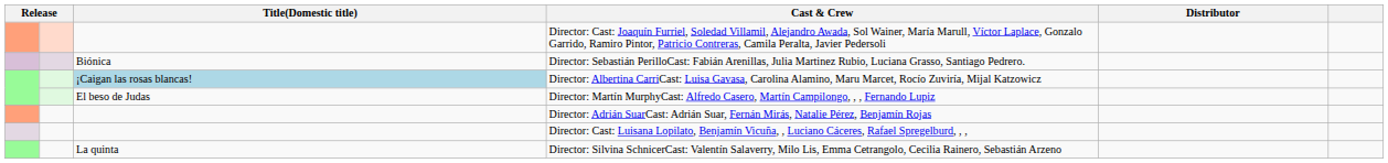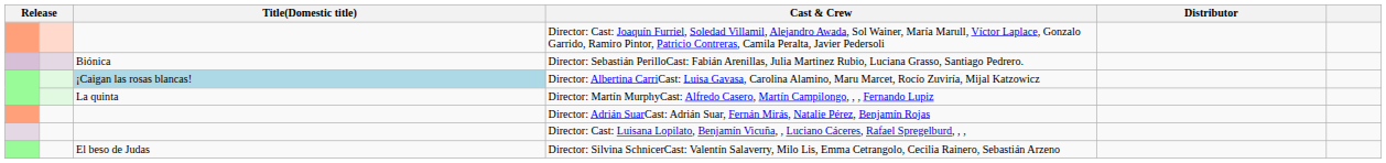 <table class="wikitable sortable" style="width:100%;">
 <tr>
 <th colspan="2" style="width:5%;">Release</th>
 <th>Title(Domestic title)</th>
 <th style="width:40%;">Cast & Crew</th>
 <th>Distributor</th>
 <th style="width:4%;"></th>
 </tr>
 <tr>
 <td rowspan = "1" bgcolor = #ffa07a></td>
 <td bgcolor = "#ffdacc"></td>
 <td><em></td>
 <td>Director: Cast: <a href='#'>Joaquín Furriel</a>, <a href='#'>Soledad Villamil</a>, <a href='#'>Alejandro Awada</a>, Sol Wainer, María Marull, <a href='#'>Víctor Laplace</a>, Gonzalo Garrido, Ramiro Pintor, <a href='#'>Patricio Contreras</a>, Camila Peralta, Javier Pedersoli</td>
 <td></td>
 <td></td>
 </tr>
 <tr>
 <td rowspan = "1" bgcolor = "#d8bfd8"></td>
 <td bgcolor = "#e3d8e3"></td>
 <td></em>Biónica<em></td>
 <td>Director: Sebastián PerilloCast: Fabián Arenillas, Julia Martinez Rubio, Luciana Grasso, Santiago Pedrero.</td>
 <td></td>
 <td></td>
 </tr>
 <tr>
 <td rowspan = "2" bgcolor = "#98fb98"></td>
 <td bgcolor = #e0f9e0></td>
 <td style="background: lightblue;"></em>¡Caigan las rosas blancas!<em></td>
 <td>Director: <a href='#'>Albertina Carri</a>Cast: <a href='#'>Luisa Gavasa</a>, Carolina Alamino, Maru Marcet, Rocío Zuviría, Mijal Katzowicz</td>
 <td></td>
 <td></td>
 </tr>
 <tr>
 <td bgcolor = #e0f9e0></td>
-<td></em>El beso de Judas<em></td>
+<td></em>La quinta<em></td>
 <td>Director: Martín MurphyCast: <a href='#'>Alfredo Casero</a>, <a href='#'>Martín Campilongo</a>, , , <a href='#'>Fernando Lupiz</a></td>
 <td></td>
 <td></td>
 </tr>
 <tr>
 <td rowspan = "1" bgcolor = #ffa07a></td>
 <td></td>
 <td></em><em></td>
 <td>Director: <a href='#'>Adrián Suar</a>Cast: Adrián Suar, <a href='#'>Fernán Mirás</a>, <a href='#'>Natalie Pérez</a>, <a href='#'>Benjamín Rojas</a></td>
 <td></td>
 <td></td>
 </tr>
 <tr>
 <td rowspan = "1" bgcolor = "#e3d8e3"></td>
 <td></td>
 <td></em><em></td>
 <td>Director: Cast: <a href='#'>Luisana Lopilato</a>, <a href='#'>Benjamín Vicuña</a>, , <a href='#'>Luciano Cáceres</a>, <a href='#'>Rafael Spregelburd</a>, , , </td>
 <td></td>
 <td></td>
 </tr>
 <tr>
 <td rowspan = "1"  bgcolor = "#98fb98"></td>
 <td></td>
-<td></em>La quinta<em></td>
+<td></em>El beso de Judas<em></td>
 <td>Director: Silvina SchnicerCast: Valentín Salaverry, Milo Lis, Emma Cetrangolo, Cecilia Rainero, Sebastián Arzeno</td>
 <td></td>
 <td></td>
 </tr>
 </table>
